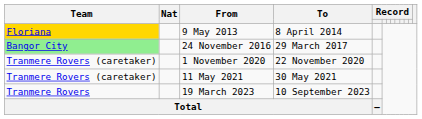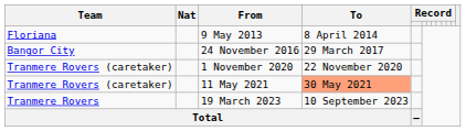 <table class="wikitable" style="text-align: center">
 <tr>
 <th rowspan="2">Team</th>
 <th rowspan="2">Nat</th>
 <th rowspan="2">From</th>
 <th rowspan="2">To</th>
 <th colspan="8">Record</th>
 <th rowspan=2></th>
 </tr>
 <tr>
 <th></th>
 <th></th>
 <th></th>
 <th></th>
 <th></th>
 <th></th>
 <th></th>
 <th></th>
 </tr>
 <tr>
-<td align=left style="background: gold;"><a href='#'>Floriana</a></td>
+<td align=left><a href='#'>Floriana</a></td>
 <td></td>
 <td align=left>9 May 2013</td>
 <td align=left>8 April 2014<br></td>
 <td></td>
 </tr>
 <tr>
-<td align=left style="background: lightgreen;"><a href='#'>Bangor City</a></td>
+<td align=left><a href='#'>Bangor City</a></td>
 <td></td>
 <td align=left>24 November 2016</td>
 <td align=left>29 March 2017<br></td>
 <td></td>
 </tr>
 <tr>
 <td align=left><a href='#'>Tranmere Rovers</a> (caretaker)</td>
 <td></td>
 <td align=left>1 November 2020</td>
 <td align=left>22 November 2020<br></td>
 <td></td>
 </tr>
 <tr>
 <td align=left><a href='#'>Tranmere Rovers</a> (caretaker)</td>
 <td></td>
 <td align=left>11 May 2021</td>
-<td align=left>30 May 2021<br></td>
+<td align=left style="background: lightsalmon;">30 May 2021<br></td>
 <td></td>
 </tr>
 <tr>
 <td align=left><a href='#'>Tranmere Rovers</a></td>
 <td></td>
 <td align=left>19 March 2023</td>
 <td align=left>10 September 2023<br></td>
 <td></td>
 </tr>
 <tr>
 <th colspan="4">Total<br></th>
 <th>—</th>
 </tr>
 </table>
